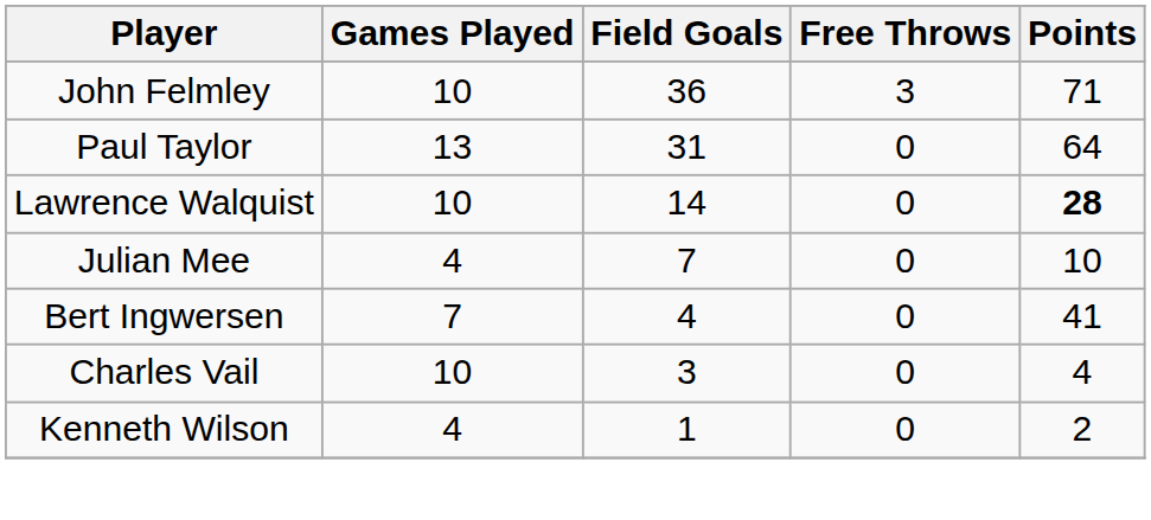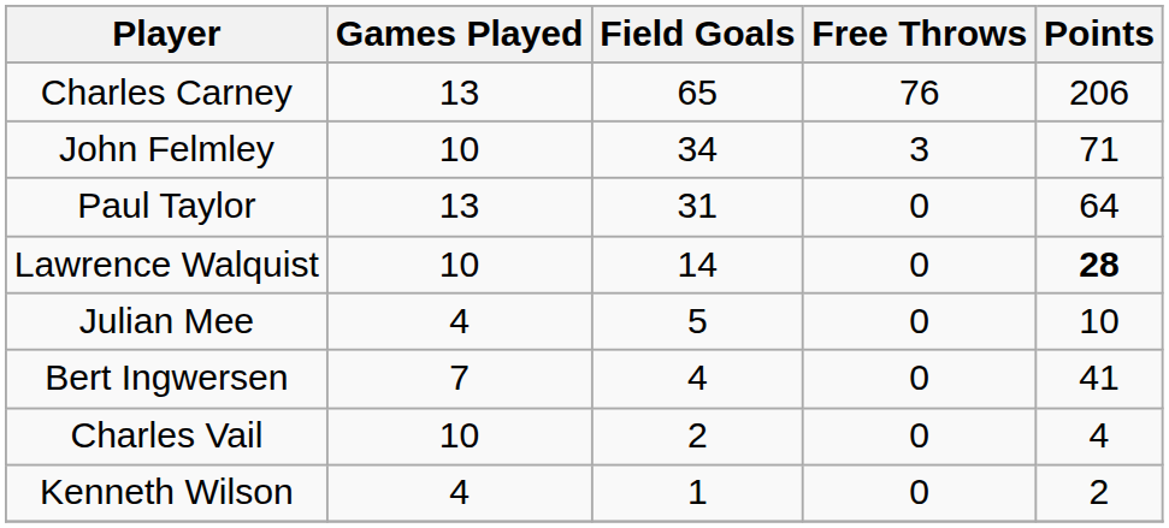 <table class="wikitable sortable">
 <tr>
 <th>Player</th>
 <th>Games Played</th>
 <th>Field Goals</th>
 <th>Free Throws</th>
 <th>Points</th>
 </tr>
 <tr align="center" bgcolor="">
+<td>Charles Carney</td>
+<td>13</td>
+<td>65</td>
+<td>76</td>
+<td>206</td>
+</tr>
+<tr align="center" bgcolor="">
 <td>John Felmley</td>
 <td>10</td>
-<td>36</td>
+<td>34</td>
 <td>3</td>
 <td>71</td>
 </tr>
 <tr align="center" bgcolor="">
 <td>Paul Taylor</td>
 <td>13</td>
 <td>31</td>
 <td>0</td>
 <td>64</td>
 </tr>
 <tr align="center" bgcolor="">
 <td>Lawrence Walquist</td>
 <td>10</td>
 <td>14</td>
 <td>0</td>
 <td><strong>28</strong></td>
 </tr>
 <tr align="center" bgcolor="">
 <td>Julian Mee</td>
 <td>4</td>
-<td>7</td>
+<td>5</td>
 <td>0</td>
 <td>10</td>
 </tr>
 <tr align="center" bgcolor="">
 <td>Bert Ingwersen</td>
 <td>7</td>
 <td>4</td>
 <td>0</td>
 <td>41</td>
 </tr>
 <tr align="center" bgcolor="">
 <td>Charles Vail</td>
 <td>10</td>
-<td>3</td>
+<td>2</td>
 <td>0</td>
 <td>4</td>
 </tr>
 <tr align="center" bgcolor="">
 <td>Kenneth Wilson</td>
 <td>4</td>
 <td>1</td>
 <td>0</td>
 <td>2</td>
 </tr>
 <tr align="center" bgcolor="">
 </tr>
 </table>
